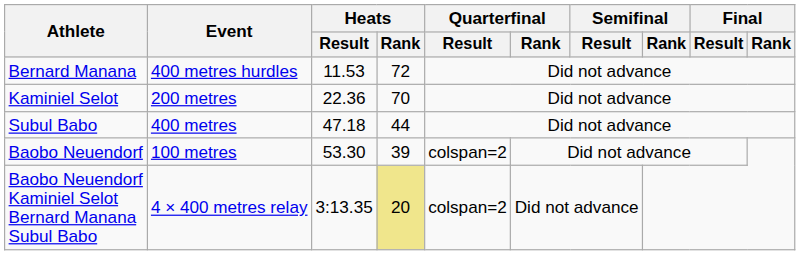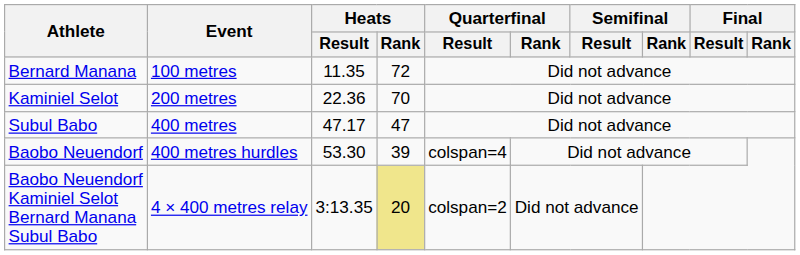 <table class="wikitable" style="font-size:90%">
 <tr>
 <th rowspan="2">Athlete</th>
 <th rowspan="2">Event</th>
 <th colspan="2">Heats</th>
 <th colspan="2">Quarterfinal</th>
 <th colspan="2">Semifinal</th>
 <th colspan="2">Final</th>
 </tr>
 <tr style="font-size:95%">
 <th>Result</th>
 <th>Rank</th>
 <th>Result</th>
 <th>Rank</th>
 <th>Result</th>
 <th>Rank</th>
 <th>Result</th>
 <th>Rank</th>
 </tr>
 <tr align=center>
 <td align=left><a href='#'>Bernard Manana</a></td>
-<td align=left><a href='#'>400 metres hurdles</a></td>
-<td>11.53</td>
+<td align=left><a href='#'>100 metres</a></td>
+<td>11.35</td>
 <td>72</td>
 <td colspan=6>Did not advance</td>
 </tr>
 <tr align=center>
 <td align=left><a href='#'>Kaminiel Selot</a></td>
 <td align=left><a href='#'>200 metres</a></td>
 <td>22.36</td>
 <td>70</td>
 <td colspan=6>Did not advance</td>
 </tr>
 <tr align=center>
 <td align=left><a href='#'>Subul Babo</a></td>
 <td align=left><a href='#'>400 metres</a></td>
-<td>47.18</td>
-<td>44</td>
+<td>47.17</td>
+<td>47</td>
 <td colspan=6>Did not advance</td>
 </tr>
 <tr align=center>
 <td align=left><a href='#'>Baobo Neuendorf</a></td>
-<td align=left><a href='#'>100 metres</a></td>
+<td align=left><a href='#'>400 metres hurdles</a></td>
 <td>53.30</td>
 <td>39</td>
-<td>colspan=2</td>
+<td>colspan=4</td>
 <td colspan=4>Did not advance</td>
 </tr>
 <tr align=center>
 <td align=left><a href='#'>Baobo Neuendorf</a><br><a href='#'>Kaminiel Selot</a><br><a href='#'>Bernard Manana</a><br><a href='#'>Subul Babo</a></td>
 <td align=left><a href='#'>4 × 400 metres relay</a></td>
 <td>3:13.35</td>
 <td style="background: khaki;">20</td>
 <td>colspan=2</td>
 <td colspan=2>Did not advance</td>
 </tr>
 </table>
